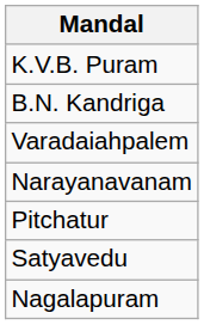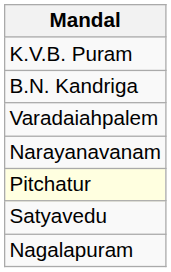 <table class="wikitable sortable static-row-numbers static-row-header-hash">
 <tr>
 <th>Mandal</th>
 </tr>
 <tr>
 <td>K.V.B. Puram</td>
 </tr>
 <tr>
 <td>B.N. Kandriga</td>
 </tr>
 <tr>
 <td>Varadaiahpalem</td>
 </tr>
 <tr>
 <td>Narayanavanam</td>
 </tr>
 <tr>
-<td>Pitchatur</td>
+<td style="background: lightyellow;">Pitchatur</td>
 </tr>
 <tr>
 <td>Satyavedu</td>
 </tr>
 <tr>
 <td>Nagalapuram</td>
 </tr>
 </table>
